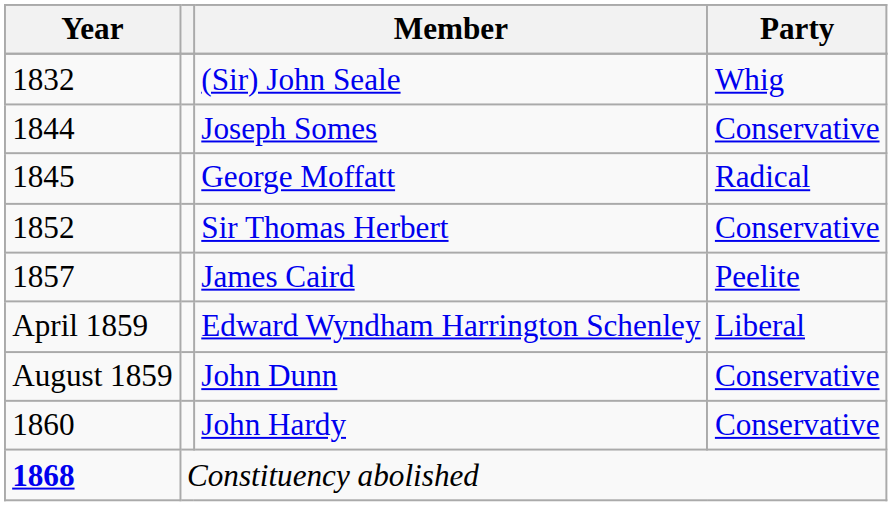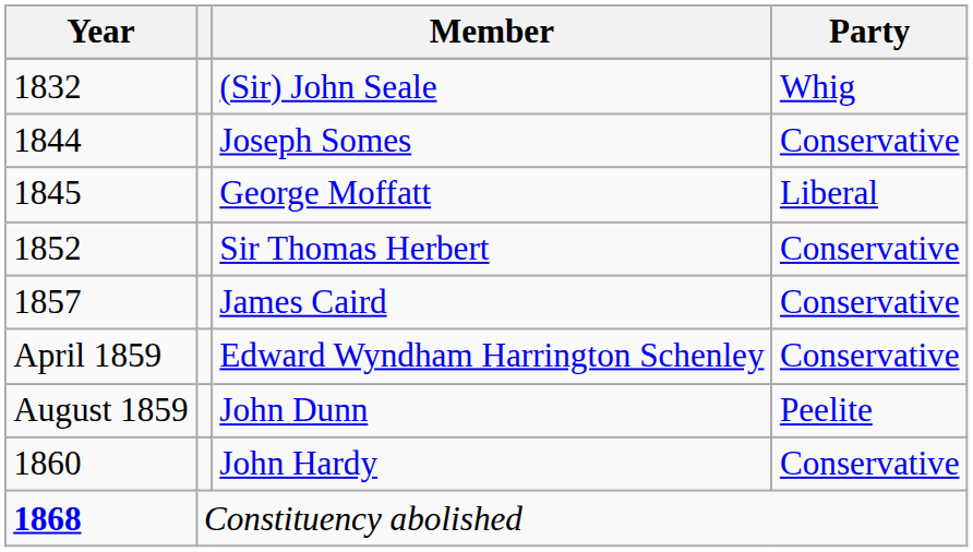 <table class="wikitable">
 <tr>
 <th>Year</th>
 <th></th>
 <th>Member</th>
 <th>Party</th>
 </tr>
 <tr>
 </tr>
 <tr>
 <td>1832</td>
 <td style="color:inherit;background-color: "></td>
 <td><a href='#'>(Sir) John Seale</a></td>
 <td><a href='#'>Whig</a></td>
 </tr>
 <tr>
 <td>1844</td>
 <td style="color:inherit;background-color: "></td>
 <td><a href='#'>Joseph Somes</a></td>
 <td><a href='#'>Conservative</a></td>
 </tr>
 <tr>
 <td>1845</td>
 <td style="color:inherit;background-color: "></td>
 <td><a href='#'>George Moffatt</a></td>
-<td><a href='#'>Radical</a></td>
+<td><a href='#'>Liberal</a></td>
 </tr>
 <tr>
 <td>1852</td>
 <td style="color:inherit;background-color: "></td>
 <td><a href='#'>Sir Thomas Herbert</a></td>
 <td><a href='#'>Conservative</a></td>
 </tr>
 <tr>
 <td>1857</td>
 <td style="color:inherit;background-color: "></td>
 <td><a href='#'>James Caird</a></td>
-<td><a href='#'>Peelite</a></td>
+<td><a href='#'>Conservative</a></td>
 </tr>
 <tr>
 <td>April 1859</td>
 <td style="color:inherit;background-color: "></td>
 <td><a href='#'>Edward Wyndham Harrington Schenley</a></td>
-<td><a href='#'>Liberal</a></td>
+<td><a href='#'>Conservative</a></td>
 </tr>
 <tr>
 <td>August 1859</td>
 <td style="color:inherit;background-color: "></td>
 <td><a href='#'>John Dunn</a></td>
-<td><a href='#'>Conservative</a></td>
+<td><a href='#'>Peelite</a></td>
 </tr>
 <tr>
 <td>1860</td>
 <td style="color:inherit;background-color: "></td>
 <td><a href='#'>John Hardy</a></td>
 <td><a href='#'>Conservative</a></td>
 </tr>
 <tr>
 <td><strong><a href='#'>1868</a></strong></td>
 <td colspan="6"><em>Constituency abolished</em></td>
 </tr>
 </table>
